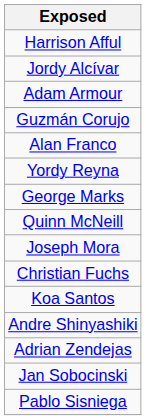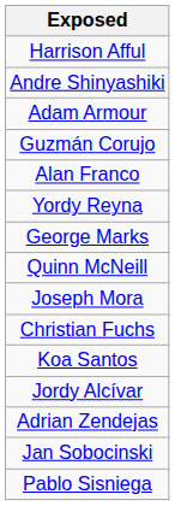 <table class="wikitable" style="text-align:center">
 <tr>
 <th>Exposed</th>
 </tr>
 <tr>
 <td><a href='#'>Harrison Afful</a></td>
 </tr>
 <tr>
-<td><a href='#'>Jordy Alcívar</a></td>
+<td><a href='#'>Andre Shinyashiki</a></td>
 </tr>
 <tr>
 <td><a href='#'>Adam Armour</a></td>
 </tr>
 <tr>
 <td><a href='#'>Guzmán Corujo</a></td>
 </tr>
 <tr>
 <td><a href='#'>Alan Franco</a></td>
 </tr>
 <tr>
 <td><a href='#'>Yordy Reyna</a></td>
 </tr>
 <tr>
 <td><a href='#'>George Marks</a></td>
 </tr>
 <tr>
 <td><a href='#'>Quinn McNeill</a></td>
 </tr>
 <tr>
 <td><a href='#'>Joseph Mora</a></td>
 </tr>
 <tr>
 <td><a href='#'>Christian Fuchs</a></td>
 </tr>
 <tr>
 <td><a href='#'>Koa Santos</a></td>
 </tr>
 <tr>
-<td><a href='#'>Andre Shinyashiki</a></td>
+<td><a href='#'>Jordy Alcívar</a></td>
 </tr>
 <tr>
 <td><a href='#'>Adrian Zendejas</a></td>
 </tr>
 <tr>
 <td><a href='#'>Jan Sobocinski</a></td>
 </tr>
 <tr>
 <td><a href='#'>Pablo Sisniega</a></td>
 </tr>
 <tr>
 </tr>
 </table>
